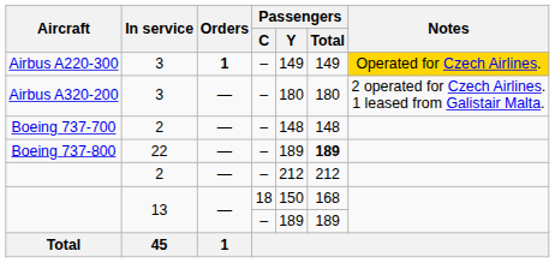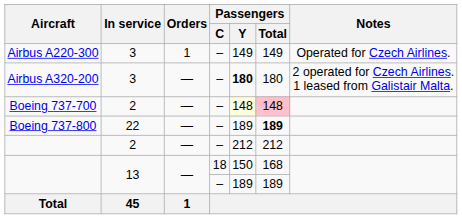 <table class="wikitable" style="border-collapse:collapse;text-align:center;margin:auto;">
 <tr>
 <th rowspan="2">Aircraft</th>
 <th rowspan="2">In service</th>
 <th rowspan="2">Orders</th>
 <th colspan="3">Passengers</th>
 <th rowspan="2">Notes</th>
 </tr>
 <tr>
 <th><abbr>C</abbr></th>
 <th><abbr>Y</abbr></th>
 <th>Total</th>
 </tr>
 <tr>
 <td><a href='#'>Airbus A220-300</a></td>
 <td>3</td>
-<td><strong>1</strong></td>
+<td>1</td>
 <td>–</td>
 <td>149</td>
 <td>149</td>
-<td style="background: gold;">Operated for <a href='#'>Czech Airlines</a>.</td>
+<td>Operated for <a href='#'>Czech Airlines</a>.</td>
 </tr>
 <tr>
 <td><a href='#'>Airbus A320-200</a></td>
 <td>3</td>
 <td>—</td>
 <td>–</td>
-<td>180</td>
+<td><strong>180</strong></td>
 <td>180</td>
 <td>2 operated for <a href='#'>Czech Airlines</a>.<br>1 leased from <a href='#'>Galistair Malta</a>.</td>
 </tr>
 <tr>
 <td><a href='#'>Boeing 737-700</a></td>
 <td>2</td>
 <td>—</td>
 <td>–</td>
-<td>148</td>
-<td>148</td>
+<td style="background: lightyellow;">148</td>
+<td style="background: pink;">148</td>
 <td></td>
 </tr>
 <tr>
 <td><a href='#'>Boeing 737-800</a></td>
 <td>22</td>
 <td>—</td>
 <td>–</td>
 <td>189</td>
 <td><strong>189</strong></td>
 <td></td>
 </tr>
 <tr>
 <td></td>
 <td>2</td>
 <td>—</td>
 <td>–</td>
 <td>212</td>
 <td>212</td>
 <td></td>
 </tr>
 <tr>
 <td rowspan="2"></td>
 <td rowspan="2">13</td>
 <td rowspan="2">—</td>
 <td>18</td>
 <td>150</td>
 <td>168</td>
 <td rowspan="2"></td>
 </tr>
 <tr>
 <td>–</td>
 <td>189</td>
 <td>189</td>
 </tr>
 <tr>
 <th>Total</th>
 <th>45</th>
 <th>1</th>
 <th colspan="4"></th>
 </tr>
 </table>
